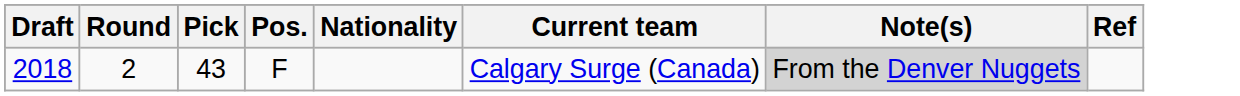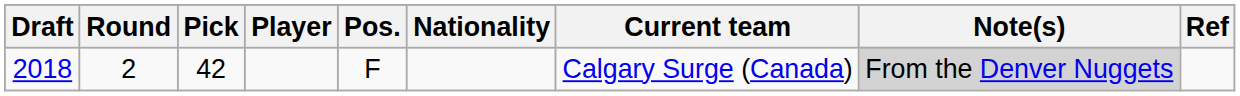 <table class="wikitable sortable" style="text-align:left; font-size:90%;">
 <tr>
 <th>Draft</th>
 <th>Round</th>
 <th>Pick</th>
+<th>Player</th>
 <th>Pos.</th>
 <th>Nationality</th>
 <th>Current team</th>
 <th>Note(s)</th>
 <th class="unsortable">Ref</th>
 </tr>
 <tr>
 <td style="text-align:center;"><a href='#'>2018</a></td>
 <td style="text-align:center;">2</td>
-<td style="text-align:center;">43</td>
+<td style="text-align:center;">42</td>
+<td></td>
 <td style="text-align:center;">F</td>
 <td></td>
 <td><a href='#'>Calgary Surge</a> (<a href='#'>Canada</a>)</td>
 <td style="background: lightgrey;">From the <a href='#'>Denver Nuggets</a></td>
 <td style="text-align:center;"></td>
 </tr>
 </table>
